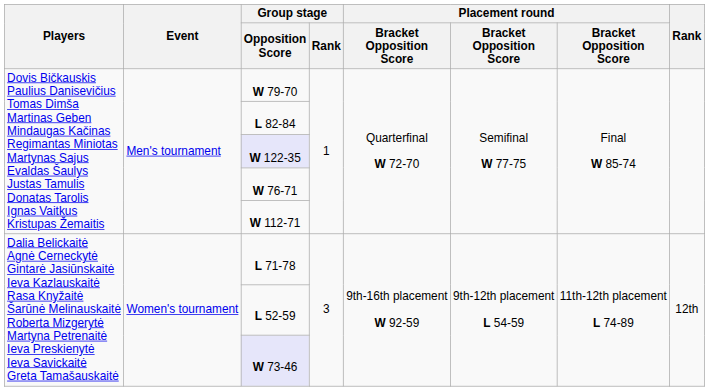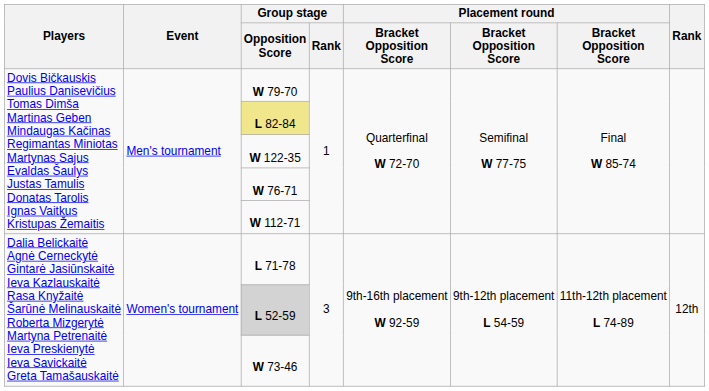 <table class=wikitable style="align:center; white-space:nowrap">
 <tr>
 <th rowspan=2>Players</th>
 <th rowspan=2>Event</th>
 <th colspan=2>Group stage</th>
 <th colspan=3>Placement round</th>
 <th rowspan=2>Rank</th>
 </tr>
 <tr>
 <th>Opposition<br>Score</th>
 <th>Rank</th>
 <th>Bracket<br>Opposition<br>Score</th>
 <th>Bracket<br>Opposition<br>Score</th>
 <th>Bracket<br>Opposition<br>Score</th>
 </tr>
 <tr align=center>
 <td align=left rowspan=5><a href='#'>Dovis Bičkauskis</a><br><a href='#'>Paulius Danisevičius</a><br><a href='#'>Tomas Dimša</a><br><a href='#'>Martinas Geben</a><br><a href='#'>Mindaugas Kačinas</a><br><a href='#'>Regimantas Miniotas</a><br><a href='#'>Martynas Sajus</a><br><a href='#'>Evaldas Šaulys</a><br><a href='#'>Justas Tamulis</a><br><a href='#'>Donatas Tarolis</a><br><a href='#'>Ignas Vaitkus</a><br><a href='#'>Kristupas Žemaitis</a></td>
 <td align=left rowspan=5><a href='#'>Men's tournament</a></td>
 <td><br><strong>W</strong> 79-70</td>
 <td rowspan=5>1</td>
 <td rowspan=5>Quarterfinal<br><br><strong>W</strong> 72-70</td>
 <td rowspan=5>Semifinal<br><br><strong>W</strong> 77-75</td>
 <td rowspan=5>Final<br><br><strong>W</strong> 85-74</td>
 <td rowspan=5></td>
 </tr>
 <tr align=center>
-<td><br><strong>L</strong> 82-84</td>
+<td style="background: khaki;"><br><strong>L</strong> 82-84</td>
 </tr>
 <tr align=center>
-<td style="background: lavender;"><br><strong>W</strong> 122-35</td>
+<td><br><strong>W</strong> 122-35</td>
 </tr>
 <tr align=center>
 <td><br><strong>W</strong> 76-71</td>
 </tr>
 <tr align=center>
 <td><br><strong>W</strong> 112-71</td>
 </tr>
 <tr align=center>
 <td align=left rowspan=3><a href='#'>Dalia Belickaitė</a><br><a href='#'>Agnė Cerneckytė</a><br><a href='#'>Gintarė Jasiūnskaitė</a><br><a href='#'>Ieva Kazlauskaitė</a><br><a href='#'>Rasa Knyžaitė</a><br><a href='#'>Šarūnė Melinauskaitė</a><br><a href='#'>Roberta Mizgerytė</a><br><a href='#'>Martyna Petrenaitė</a><br><a href='#'>Ieva Preskienytė</a><br><a href='#'>Ieva Savickaitė</a><br><a href='#'>Greta Tamašauskaitė</a></td>
 <td align=left rowspan=3><a href='#'>Women's tournament</a></td>
 <td><br><strong>L</strong> 71-78</td>
 <td rowspan=3>3</td>
 <td rowspan=3>9th-16th placement<br><br><strong>W</strong> 92-59</td>
 <td rowspan=3>9th-12th placement<br><br><strong>L</strong> 54-59</td>
 <td rowspan=3>11th-12th placement<br><br><strong>L</strong> 74-89</td>
 <td rowspan=3>12th</td>
 </tr>
 <tr align=center>
-<td><br><strong>L</strong> 52-59</td>
+<td style="background: lightgrey;"><br><strong>L</strong> 52-59</td>
 </tr>
 <tr align=center>
-<td style="background: lavender;"><br><strong>W</strong> 73-46</td>
+<td><br><strong>W</strong> 73-46</td>
 </tr>
 </table>
